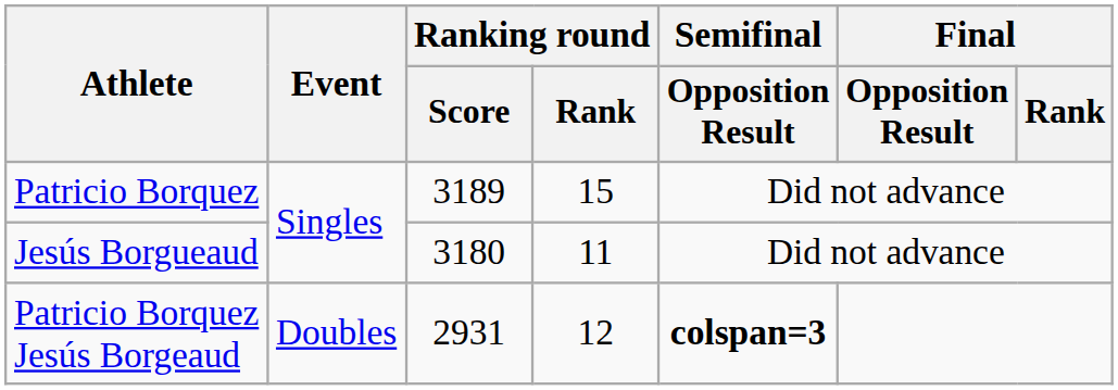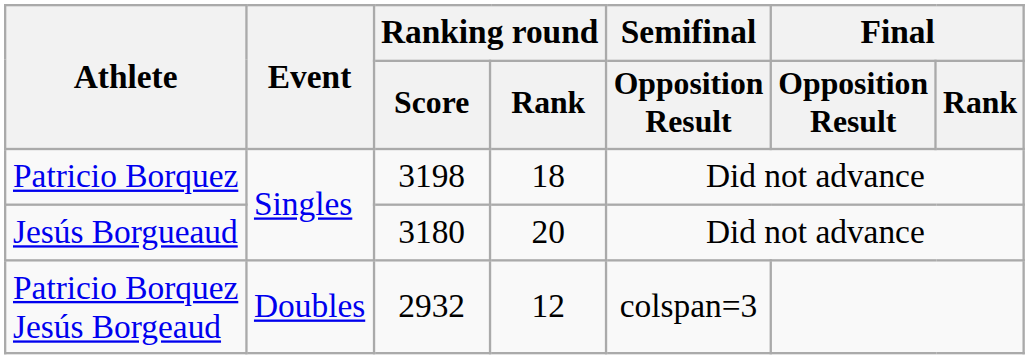 <table class=wikitable style=font-size:90%;text-align:center>
 <tr>
 <th rowspan=2>Athlete</th>
 <th rowspan=2>Event</th>
 <th colspan=2>Ranking round</th>
 <th>Semifinal</th>
 <th colspan=2>Final</th>
 </tr>
 <tr style=font-size:95%>
 <th>Score</th>
 <th>Rank</th>
 <th>Opposition<br>Result</th>
 <th>Opposition<br>Result</th>
 <th>Rank</th>
 </tr>
 <tr>
 <td style="text-align:left"><a href='#'>Patricio Borquez</a></td>
 <td style="text-align:left" rowspan=2><a href='#'>Singles</a></td>
-<td>3189</td>
-<td>15</td>
+<td>3198</td>
+<td>18</td>
 <td colspan="3">Did not advance</td>
 </tr>
 <tr>
 <td style="text-align:left"><a href='#'>Jesús Borgueaud</a></td>
 <td>3180</td>
-<td>11</td>
+<td>20</td>
 <td colspan="3">Did not advance</td>
 </tr>
 <tr>
 <td style="text-align:left"><a href='#'>Patricio Borquez</a><br><a href='#'>Jesús Borgeaud</a></td>
 <td style="text-align:left"><a href='#'>Doubles</a></td>
-<td>2931</td>
+<td>2932</td>
 <td>12</td>
-<td><strong>colspan=3 </strong></td>
+<td>colspan=3 </td>
 </tr>
 </table>
